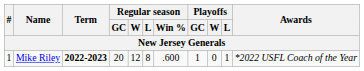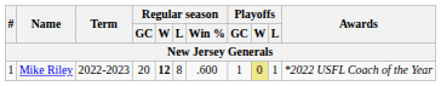 <table class="wikitable" style="text-align:center">
 <tr>
 <th rowspan="2">#</th>
 <th rowspan="2">Name</th>
 <th rowspan="2">Term</th>
 <th colspan="4">Regular season</th>
 <th colspan="3">Playoffs</th>
 <th rowspan="2">Awards</th>
 </tr>
 <tr>
 <th>GC</th>
 <th>W</th>
 <th>L</th>
 <th>Win %</th>
 <th>GC</th>
 <th>W</th>
 <th>L</th>
 </tr>
 <tr>
 <th colspan="11">New Jersey Generals</th>
 </tr>
 <tr>
 <td>1</td>
 <td><a href='#'>Mike Riley</a></td>
-<td><strong>2022-2023</strong></td>
+<td>2022-2023</td>
 <td>20</td>
-<td>12</td>
+<td><strong>12</strong></td>
 <td>8</td>
 <td>.600</td>
 <td>1</td>
-<td>0</td>
+<td style="background: khaki;">0</td>
 <td>1</td>
 <td><em>*2022 USFL Coach of the Year</em></td>
 </tr>
 </table>
